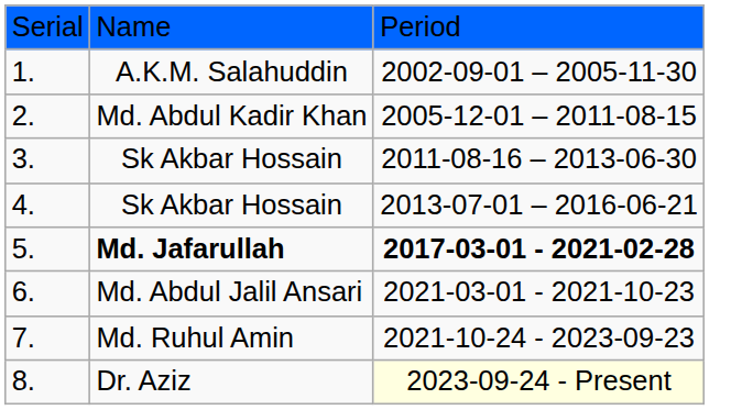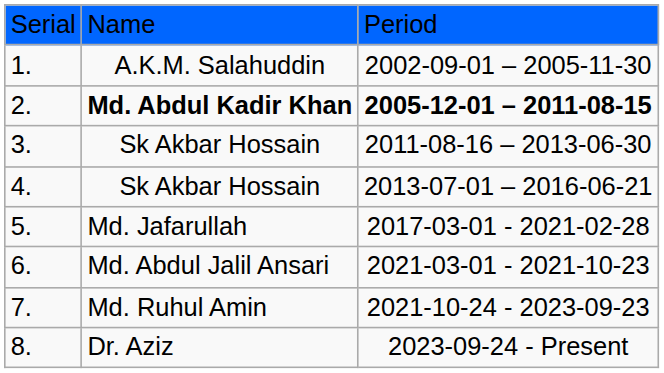 <table class="wikitable sortable" style="width:auto">
 <tr>
 <td style="background:#0066FF; color:black;">Serial</td>
 <td style="background:#0066FF; color:black;">Name</td>
 <td style="background:#0066FF; color:black;">Period</td>
 </tr>
 <tr>
 <td>1.</td>
 <td style="text-align:center;">A.K.M. Salahuddin</td>
 <td style="text-align:center;">2002-09-01 – 2005-11-30</td>
 </tr>
 <tr>
 <td>2.</td>
-<td style="text-align:center;">Md. Abdul Kadir Khan</td>
-<td style="text-align:center;">2005-12-01 – 2011-08-15</td>
+<td style="text-align:center;"><strong>Md. Abdul Kadir Khan</strong></td>
+<td style="text-align:center;"><strong>2005-12-01 – 2011-08-15</strong></td>
 </tr>
 <tr>
 <td>3.</td>
 <td style="text-align:center;">Sk Akbar Hossain</td>
 <td style="text-align:center;">2011-08-16 – 2013-06-30</td>
 </tr>
 <tr>
 <td>4.</td>
 <td style="text-align:center;">Sk Akbar Hossain</td>
 <td style="text-align:center;">2013-07-01 – 2016-06-21</td>
 </tr>
 <tr>
 <td>5.</td>
-<td sryle="text-align:center;"><strong>Md. Jafarullah</strong></td>
-<td style="text-align:center;"><strong>2017-03-01 - 2021-02-28</strong></td>
+<td sryle="text-align:center;">Md. Jafarullah</td>
+<td style="text-align:center;">2017-03-01 - 2021-02-28</td>
 </tr>
 <tr>
 <td>6.</td>
 <td sryle="text-align:center;">Md. Abdul Jalil Ansari</td>
 <td style="text-align:center;">2021-03-01 - 2021-10-23</td>
 </tr>
 <tr>
 <td>7.</td>
 <td sryle="text-align:center;">Md. Ruhul Amin</td>
 <td style="text-align:center;">2021-10-24 - 2023-09-23</td>
 </tr>
 <tr>
 <td>8.</td>
 <td sryle="text-align:center;">Dr. Aziz</td>
-<td style="background: lightyellow; text-align:center;">2023-09-24 - Present</td>
+<td style="text-align:center;">2023-09-24 - Present</td>
 </tr>
 </table>
